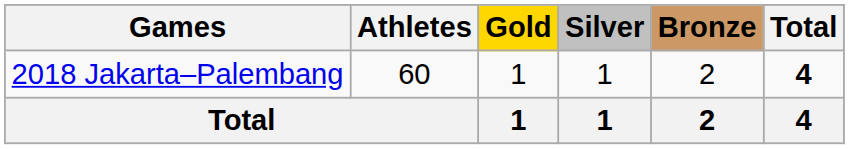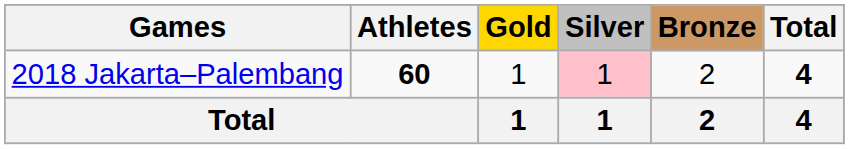 <table class="wikitable" style="text-align:center;">
 <tr>
 <th>Games</th>
 <th>Athletes</th>
 <td style="background:gold; font-weight:bold;">Gold</td>
 <td style="background:silver; font-weight:bold;">Silver</td>
 <td style="background:#cc9966; font-weight:bold;">Bronze</td>
 <th style="font-weight:bold;">Total</th>
 </tr>
 <tr>
 <td align=left> <a href='#'>2018 Jakarta–Palembang</a></td>
-<td>60</td>
+<td><strong>60</strong></td>
 <td>1</td>
-<td>1</td>
+<td style="background: pink;">1</td>
 <td>2</td>
 <td><strong>4</strong></td>
 </tr>
 <tr>
 <th colspan=2>Total</th>
 <th>1</th>
 <th>1</th>
 <th>2</th>
 <th>4</th>
 </tr>
 </table>
